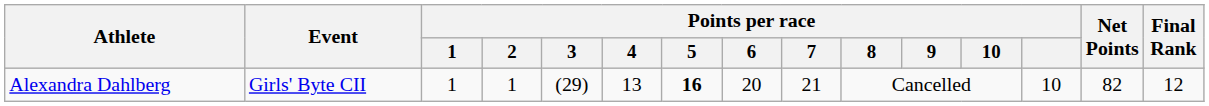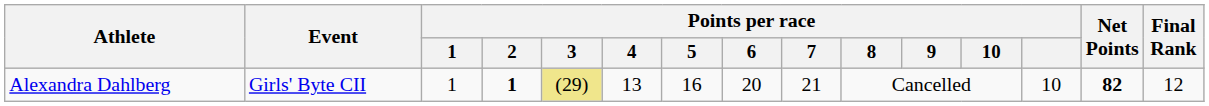 <table class="wikitable" style="font-size:90%">
 <tr>
 <th rowspan="2">Athlete</th>
 <th rowspan="2">Event</th>
 <th colspan=11>Points per race</th>
 <th rowspan=2 width=5%>Net<br>Points</th>
 <th rowspan=2 width=5%>Final <br>Rank</th>
 </tr>
 <tr style="font-size:95%">
 <th width=5%>1</th>
 <th width=5%>2</th>
 <th width=5%>3</th>
 <th width=5%>4</th>
 <th width=5%>5</th>
 <th width=5%>6</th>
 <th width=5%>7</th>
 <th width=5%>8</th>
 <th width=5%>9</th>
 <th width=5%>10</th>
 <th width=5%></th>
 </tr>
 <tr align=center>
 <td align=left><a href='#'>Alexandra Dahlberg</a></td>
 <td align=left><a href='#'>Girls' Byte CII</a></td>
 <td>1</td>
-<td>1</td>
-<td>(29)</td>
+<td><strong>1</strong></td>
+<td style="background: khaki;">(29)</td>
 <td>13</td>
-<td><strong>16</strong></td>
+<td>16</td>
 <td>20</td>
 <td>21</td>
 <td colspan=3>Cancelled</td>
 <td>10</td>
-<td>82</td>
+<td><strong>82</strong></td>
 <td>12</td>
 </tr>
 </table>
